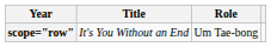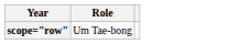 <table class="wikitable sortable plainrowheaders">
 <tr>
 <th scope="col">Year</th>
-<th scope="col">Title</th>
 <th scope="col">Role</th>
 <th scope="col" class="unsortable"></th>
 </tr>
 <tr>
 <th>scope="row"  </th>
-<td><em>It's You Without an End</em></td>
 <td>Um Tae-bong</td>
 <td style="text-align:center"></td>
 </tr>
 </table>
